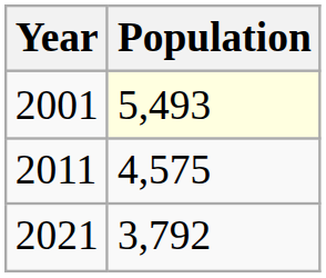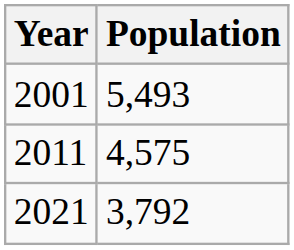 <table class=wikitable>
 <tr>
 <th>Year</th>
 <th>Population</th>
 </tr>
 <tr>
 <td>2001</td>
-<td style="background: lightyellow;">5,493</td>
+<td>5,493</td>
 </tr>
 <tr>
 <td>2011</td>
 <td>4,575</td>
 </tr>
 <tr>
 <td>2021</td>
 <td>3,792</td>
 </tr>
 </table>
